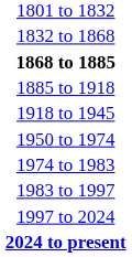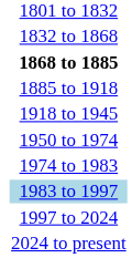 <table id="toc" style="float:right; margin-left:1em">
 <tr>
 <td style="text-align:center"><a href='#'>1801 to 1832</a></td>
 </tr>
 <tr>
 <td style="text-align:center"><a href='#'>1832 to 1868</a></td>
 </tr>
 <tr>
 <td style="text-align:center"><strong>1868 to 1885</strong></td>
 </tr>
 <tr>
 <td style="text-align:center"><a href='#'>1885 to 1918</a></td>
 </tr>
 <tr>
 <td style="text-align:center"><a href='#'>1918 to 1945</a></td>
 </tr>
 <tr>
 <td style="text-align:center"><a href='#'>1950 to 1974</a></td>
 </tr>
 <tr>
 <td style="text-align:center"><a href='#'>1974 to 1983</a></td>
 </tr>
 <tr>
-<td style="text-align:center"><a href='#'>1983 to 1997</a></td>
+<td style="background: lightblue; text-align:center"><a href='#'>1983 to 1997</a></td>
 </tr>
 <tr>
 <td style="text-align:center;"><a href='#'>1997 to 2024</a></td>
 </tr>
 <tr>
-<td style="text-align:center"><strong><a href='#'>2024 to present</a></strong></td>
+<td style="text-align:center"><a href='#'>2024 to present</a></td>
 </tr>
 </table>
